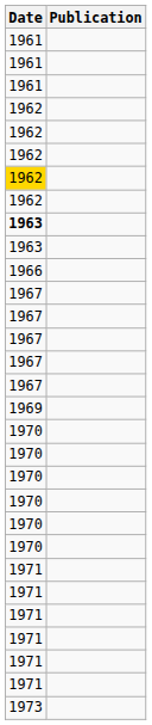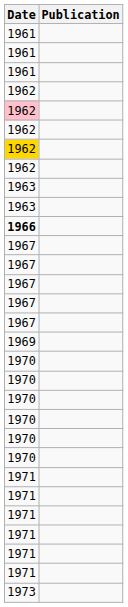 <table class="wikitable sortable">
 <tr>
 <th>Date</th>
 <th>Publication</th>
 </tr>
 <tr style="vertical-align:top;">
 <td>1961</td>
 <td></td>
 </tr>
 <tr style="vertical-align:top;">
 <td>1961</td>
 <td></td>
 </tr>
 <tr style="vertical-align:top;">
 <td>1961</td>
 <td></td>
 </tr>
 <tr style="vertical-align:top;">
 <td>1962</td>
 <td></td>
 </tr>
 <tr style="vertical-align:top;">
-<td>1962</td>
+<td style="background: pink;">1962</td>
 <td></td>
 </tr>
 <tr style="vertical-align:top;">
 <td>1962</td>
 <td></td>
 </tr>
 <tr style="vertical-align:top;">
 <td style="background: gold;">1962</td>
 <td></td>
 </tr>
 <tr style="vertical-align:top;">
 <td>1962</td>
 <td></td>
 </tr>
 <tr style="vertical-align:top;">
-<td><strong>1963</strong></td>
+<td>1963</td>
 <td></td>
 </tr>
 <tr style="vertical-align:top;">
 <td>1963</td>
 <td></td>
 </tr>
 <tr style="vertical-align:top;">
-<td>1966</td>
+<td><strong>1966</strong></td>
 <td></td>
 </tr>
 <tr style="vertical-align:top;">
 <td>1967</td>
 <td></td>
 </tr>
 <tr style="vertical-align:top;">
 <td>1967</td>
 <td></td>
 </tr>
 <tr style="vertical-align:top;">
 <td>1967</td>
 <td></td>
 </tr>
 <tr style="vertical-align:top;">
 <td>1967</td>
 <td></td>
 </tr>
 <tr style="vertical-align:top;">
 <td>1967</td>
 <td></td>
 </tr>
 <tr style="vertical-align:top;">
 <td>1969</td>
 <td></td>
 </tr>
 <tr style="vertical-align:top;">
 <td>1970</td>
 <td></td>
 </tr>
 <tr style="vertical-align:top;">
 <td>1970</td>
 <td></td>
 </tr>
 <tr style="vertical-align:top;">
 <td>1970</td>
 <td></td>
 </tr>
 <tr style="vertical-align:top;">
 <td>1970</td>
 <td></td>
 </tr>
 <tr style="vertical-align:top;">
 <td>1970</td>
 <td></td>
 </tr>
 <tr style="vertical-align:top;">
 <td>1970</td>
 <td></td>
 </tr>
 <tr style="vertical-align:top;">
 <td>1971</td>
 <td></td>
 </tr>
 <tr style="vertical-align:top;">
 <td>1971</td>
 <td></td>
 </tr>
 <tr style="vertical-align:top;">
 <td>1971</td>
 <td></td>
 </tr>
 <tr style="vertical-align:top;">
 <td>1971</td>
 <td></td>
 </tr>
 <tr style="vertical-align:top;">
 <td>1971</td>
 <td></td>
 </tr>
 <tr style="vertical-align:top;">
 <td>1971</td>
 <td></td>
 </tr>
 <tr style="vertical-align:top;">
 <td>1973</td>
 <td></td>
 </tr>
 </table>
